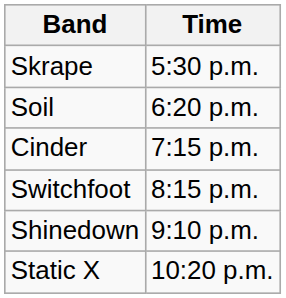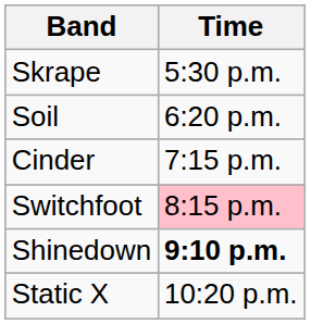 <table class="wikitable">
 <tr>
 <th>Band</th>
 <th>Time</th>
 </tr>
 <tr>
 <td>Skrape</td>
 <td>5:30 p.m.</td>
 </tr>
 <tr>
 <td>Soil</td>
 <td>6:20 p.m.</td>
 </tr>
 <tr>
 <td>Cinder</td>
 <td>7:15 p.m.</td>
 </tr>
 <tr>
 <td>Switchfoot</td>
-<td>8:15 p.m.</td>
+<td style="background: pink;">8:15 p.m.</td>
 </tr>
 <tr>
 <td>Shinedown</td>
-<td>9:10 p.m.</td>
+<td><strong>9:10 p.m.</strong></td>
 </tr>
 <tr>
 <td>Static X</td>
 <td>10:20 p.m.</td>
 </tr>
 </table>
